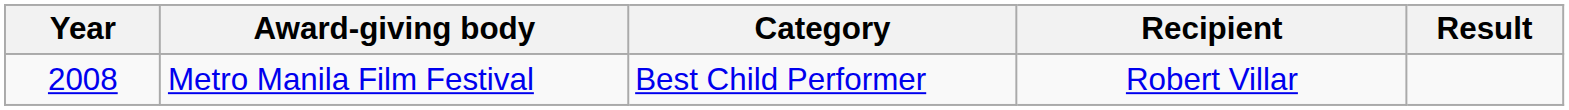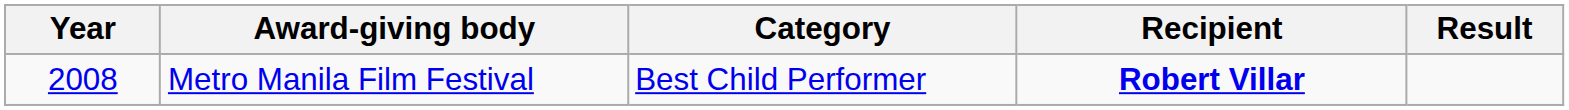 <table | width="90%" class="wikitable sortable">
 <tr>
 <th width="10%">Year</th>
 <th width="30%">Award-giving body</th>
 <th width="25%">Category</th>
 <th width="25%">Recipient</th>
 <th width="10%">Result</th>
 </tr>
 <tr>
 <td rowspan="9" align="center"><a href='#'>2008</a></td>
 <td rowspan="9" align="left"><a href='#'>Metro Manila Film Festival</a></td>
 <td align="left"><a href='#'>Best Child Performer</a></td>
-<td align="center"><a href='#'>Robert Villar</a></td>
+<td align="center"><strong><a href='#'>Robert Villar</a></strong></td>
 <td></td>
 </tr>
 </table>
